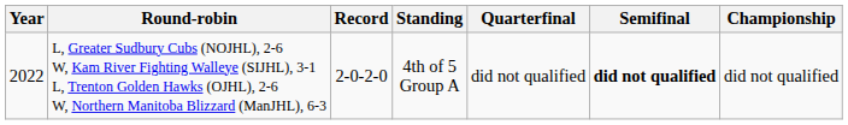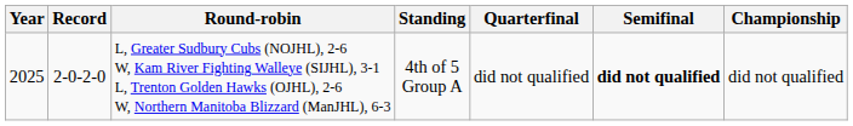 <table class="wikitable" style="text-align:center;">
 <tr>
 <th>Year</th>
+<th>Record</th>
 <th>Round-robin</th>
-<th>Record</th>
 <th>Standing</th>
 <th>Quarterfinal</th>
 <th>Semifinal</th>
 <th>Championship</th>
 </tr>
 <tr>
-<td>2022</td>
+<td>2025</td>
+<td>2-0-2-0</td>
 <td align=left><small>L, <a href='#'>Greater Sudbury Cubs</a> (NOJHL), 2-6<br>W, <a href='#'>Kam River Fighting Walleye</a> (SIJHL), 3-1<br>L, <a href='#'>Trenton Golden Hawks</a> (OJHL), 2-6<br>W, <a href='#'>Northern Manitoba Blizzard</a> (ManJHL), 6-3</small></td>
-<td>2-0-2-0</td>
 <td>4th of 5 <br>Group A</td>
 <td>did not qualified</td>
 <td><strong>did not qualified</strong></td>
 <td>did not qualified</td>
 </tr>
 </table>
